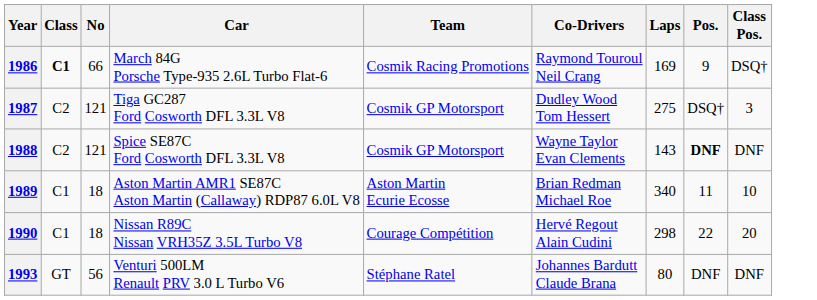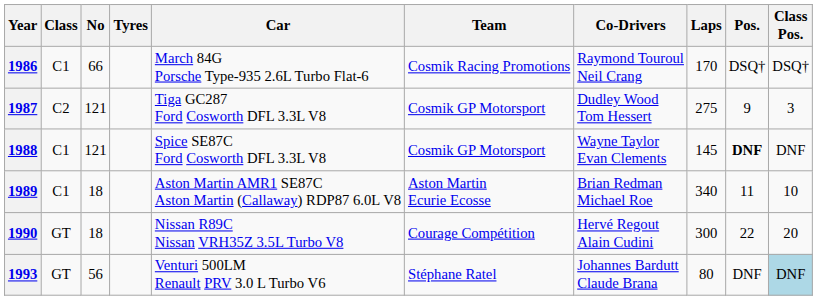 <table class="wikitable" style="text-align:center; font-size:90%">
 <tr>
 <th>Year</th>
 <th>Class</th>
 <th>No</th>
+<th>Tyres</th>
 <th>Car</th>
 <th>Team</th>
 <th>Co-Drivers</th>
 <th>Laps</th>
 <th>Pos.</th>
 <th>Class<br>Pos.</th>
 </tr>
 <tr>
 <th><a href='#'>1986</a></th>
-<td><strong>C1</strong></td>
+<td>C1</td>
 <td>66</td>
+<td></td>
 <td align="left"><a href='#'>March</a> 84G<br><a href='#'>Porsche</a> Type-935 2.6L Turbo Flat-6</td>
 <td align="left"> <a href='#'>Cosmik Racing Promotions</a></td>
 <td align="left"> <a href='#'>Raymond Touroul</a><br> <a href='#'>Neil Crang</a></td>
-<td>169</td>
-<td>9</td>
+<td>170</td>
+<td>DSQ†</td>
 <td>DSQ†</td>
 </tr>
 <tr>
 <th><a href='#'>1987</a></th>
 <td>C2</td>
 <td>121</td>
+<td></td>
 <td align="left"><a href='#'>Tiga</a> GC287<br><a href='#'>Ford</a> <a href='#'>Cosworth</a> DFL 3.3L V8</td>
 <td align="left"> <a href='#'>Cosmik GP Motorsport</a></td>
 <td align="left"> <a href='#'>Dudley Wood</a><br> <a href='#'>Tom Hessert</a></td>
 <td>275</td>
-<td>DSQ†</td>
+<td>9</td>
 <td>3</td>
 </tr>
 <tr>
 <th><a href='#'>1988</a></th>
-<td>C2</td>
+<td>C1</td>
 <td>121</td>
+<td></td>
 <td align="left"><a href='#'>Spice</a> SE87C<br><a href='#'>Ford</a> <a href='#'>Cosworth</a> DFL 3.3L V8</td>
 <td align="left"> <a href='#'>Cosmik GP Motorsport</a></td>
 <td align="left"> <a href='#'>Wayne Taylor</a><br> <a href='#'>Evan Clements</a></td>
-<td>143</td>
+<td>145</td>
 <td><strong>DNF</strong></td>
 <td>DNF</td>
 </tr>
 <tr>
 <th><a href='#'>1989</a></th>
 <td>C1</td>
 <td>18</td>
+<td></td>
 <td align="left"><a href='#'>Aston Martin AMR1</a> SE87C<br><a href='#'>Aston Martin</a> (<a href='#'>Callaway</a>) RDP87 6.0L V8</td>
 <td align="left"> <a href='#'>Aston Martin</a><br> <a href='#'>Ecurie Ecosse</a></td>
 <td align="left"> <a href='#'>Brian Redman</a><br> <a href='#'>Michael Roe</a></td>
 <td>340</td>
 <td>11</td>
 <td>10</td>
 </tr>
 <tr>
 <th><a href='#'>1990</a></th>
-<td>C1</td>
+<td>GT</td>
 <td>18</td>
+<td></td>
 <td align="left"><a href='#'>Nissan R89C</a><br><a href='#'>Nissan</a> <a href='#'>VRH35Z 3.5L Turbo V8</a></td>
 <td align="left"> <a href='#'>Courage Compétition</a></td>
 <td align="left"> <a href='#'>Hervé Regout</a><br> <a href='#'>Alain Cudini</a></td>
-<td>298</td>
+<td>300</td>
 <td>22</td>
 <td>20</td>
 </tr>
 <tr>
 <th><a href='#'>1993</a></th>
 <td>GT</td>
 <td>56</td>
+<td></td>
 <td align="left"><a href='#'>Venturi</a> 500LM<br><a href='#'>Renault</a> <a href='#'>PRV</a> 3.0 L Turbo V6</td>
 <td align="left"> <a href='#'>Stéphane Ratel</a></td>
 <td align="left"> <a href='#'>Johannes Bardutt</a><br> <a href='#'>Claude Brana</a></td>
 <td>80</td>
 <td>DNF</td>
-<td>DNF</td>
+<td style="background: lightblue;">DNF</td>
 </tr>
 </table>
